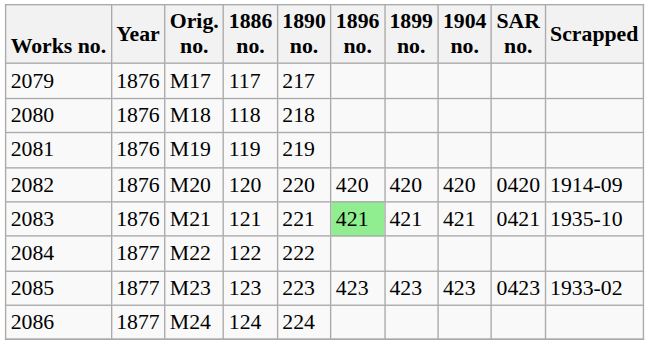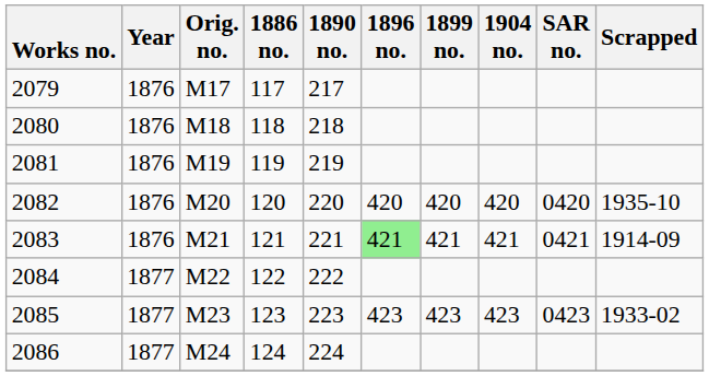 <table class="wikitable collapsible collapsed sortable" style="margin:0.5em auto; font-size:100%;">
 <tr>
 <th><br>Works no.</th>
 <th>Year</th>
 <th>Orig.<br>no.</th>
 <th>1886<br>no.</th>
 <th>1890<br>no.</th>
 <th>1896<br>no.</th>
 <th>1899<br>no.</th>
 <th>1904<br>no.</th>
 <th>SAR<br>no.</th>
 <th>Scrapped</th>
 </tr>
 <tr>
 <td>2079</td>
 <td>1876</td>
 <td>M17</td>
 <td>117</td>
 <td>217</td>
 <td></td>
 <td></td>
 <td></td>
 <td></td>
 <td></td>
 </tr>
 <tr>
 <td>2080</td>
 <td>1876</td>
 <td>M18</td>
 <td>118</td>
 <td>218</td>
 <td></td>
 <td></td>
 <td></td>
 <td></td>
 <td></td>
 </tr>
 <tr>
 <td>2081</td>
 <td>1876</td>
 <td>M19</td>
 <td>119</td>
 <td>219</td>
 <td></td>
 <td></td>
 <td></td>
 <td></td>
 <td></td>
 </tr>
 <tr>
 <td>2082</td>
 <td>1876</td>
 <td>M20</td>
 <td>120</td>
 <td>220</td>
 <td>420</td>
 <td>420</td>
 <td>420</td>
 <td>0420</td>
-<td>1914-09</td>
+<td>1935-10</td>
 </tr>
 <tr>
 <td>2083</td>
 <td>1876</td>
 <td>M21</td>
 <td>121</td>
 <td>221</td>
 <td style="background: lightgreen;">421</td>
 <td>421</td>
 <td>421</td>
 <td>0421</td>
-<td>1935-10</td>
+<td>1914-09</td>
 </tr>
 <tr>
 <td>2084</td>
 <td>1877</td>
 <td>M22</td>
 <td>122</td>
 <td>222</td>
 <td></td>
 <td></td>
 <td></td>
 <td></td>
 <td></td>
 </tr>
 <tr>
 <td>2085</td>
 <td>1877</td>
 <td>M23</td>
 <td>123</td>
 <td>223</td>
 <td>423</td>
 <td>423</td>
 <td>423</td>
 <td>0423</td>
 <td>1933-02</td>
 </tr>
 <tr>
 <td>2086</td>
 <td>1877</td>
 <td>M24</td>
 <td>124</td>
 <td>224</td>
 <td></td>
 <td></td>
 <td></td>
 <td></td>
 <td></td>
 </tr>
 <tr>
 </tr>
 </table>
